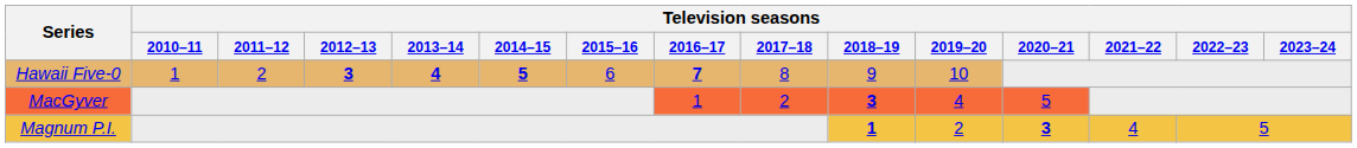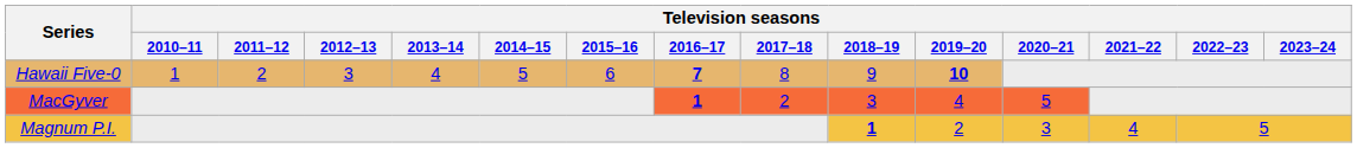 <table class="wikitable plainrowheaders" style="text-align:center;">
 <tr>
 <th scope="col" rowspan="2" style="width:2.3%;">Series</th>
 <th scope="col" colspan="14">Television seasons</th>
 </tr>
 <tr>
 <th scope="col" style="width:2.3%;"><small><a href='#'>2010–11</a></small></th>
 <th scope="col" style="width:2.3%;"><small><a href='#'>2011–12</a></small></th>
 <th scope="col" style="width:2.3%;"><small><a href='#'>2012–13</a></small></th>
 <th scope="col" style="width:2.3%;"><small><a href='#'>2013–14</a></small></th>
 <th scope="col" style="width:2.3%;"><small><a href='#'>2014–15</a></small></th>
 <th scope="col" style="width:2.3%;"><small><a href='#'>2015–16</a></small></th>
 <th scope="col" style="width:2.3%;"><small><a href='#'>2016–17</a></small></th>
 <th scope="col" style="width:2.3%;"><small><a href='#'>2017–18</a></small></th>
 <th scope="col" style="width:2.3%;"><small><a href='#'>2018–19</a></small></th>
 <th scope="col" style="width:2.3%;"><small><a href='#'>2019–20</a></small></th>
 <th scope="col" style="width:2.3%;"><small><a href='#'>2020–21</a></small></th>
 <th scope="col" style="width:2.3%;"><small><a href='#'>2021–22</a></small></th>
 <th scope="col" style="width:2.3%;"><small><a href='#'>2022–23</a></small></th>
 <th scope="col" style="width:2.3%;"><small><a href='#'>2023–24</a></small></th>
 </tr>
 <tr>
 <td scope="row" style="background:#e6b66e;"><em><a href='#'>Hawaii Five-0</a></em></td>
 <td style="background:#e6b66e;"><a href='#'>1</a></td>
 <td style="background:#e6b66e;"><a href='#'>2</a></td>
-<td style="background:#e6b66e;"><strong><a href='#'>3</a></strong></td>
-<td style="background:#e6b66e;"><strong><a href='#'>4</a></strong></td>
-<td style="background:#e6b66e;"><strong><a href='#'>5</a></strong></td>
+<td style="background:#e6b66e;"><a href='#'>3</a></td>
+<td style="background:#e6b66e;"><a href='#'>4</a></td>
+<td style="background:#e6b66e;"><a href='#'>5</a></td>
 <td style="background:#e6b66e;"><a href='#'>6</a></td>
 <td style="background:#e6b66e;"><strong><a href='#'>7</a></strong></td>
 <td style="background:#e6b66e;"><a href='#'>8</a></td>
 <td style="background:#e6b66e;"><a href='#'>9</a></td>
-<td style="background:#e6b66e;"><a href='#'>10</a></td>
+<td style="background:#e6b66e;"><strong><a href='#'>10</a></strong></td>
 <td colspan="4" style="background:#ececec; color:gray; vertical-align:middle;" class="table-na"></td>
 </tr>
 <tr>
 <td scope="row" style="background:#F66B39;"><em><a href='#'>MacGyver</a></em></td>
 <td colspan="6" style="background:#ececec; color:gray; vertical-align:middle;" class="table-na"></td>
-<td style="background:#F66B39;"><a href='#'>1</a></td>
+<td style="background:#F66B39;"><strong><a href='#'>1</a></strong></td>
 <td style="background:#F66B39;"><a href='#'>2</a></td>
-<td style="background:#F66B39;"><strong><a href='#'>3</a></strong></td>
+<td style="background:#F66B39;"><a href='#'>3</a></td>
 <td style="background:#F66B39;"><a href='#'>4</a></td>
 <td style="background:#F66B39;"><a href='#'>5</a></td>
 <td colspan="3" style="background:#ececec; color:gray; vertical-align:middle;" class="table-na"></td>
 </tr>
 <tr>
 <td scope="row" style="background:#F4C444;"><em><a href='#'>Magnum P.I.</a></em></td>
 <td colspan="8" style="background:#ececec; color:gray; vertical-align:middle;" class="table-na"></td>
 <td style="background:#F4C444;"><strong><a href='#'>1</a></strong></td>
 <td style="background:#F4C444;"><a href='#'>2</a></td>
-<td style="background:#F4C444;"><strong><a href='#'>3</a></strong></td>
+<td style="background:#F4C444;"><a href='#'>3</a></td>
 <td style="background:#F4C444;"><a href='#'>4</a></td>
 <td style="background:#F4C444;" colspan="2"><a href='#'>5</a></td>
 </tr>
 </table>
